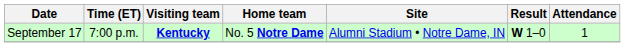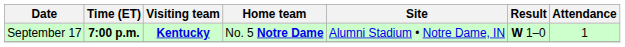 <table class="wikitable" style="font-size:95%; text-align: center;">
 <tr>
 <th>Date</th>
 <th>Time (ET)</th>
 <th>Visiting team</th>
 <th>Home team</th>
 <th>Site</th>
 <th>Result</th>
 <th>Attendance</th>
 </tr>
 <tr style="background:#cfc;">
 <td>September 17</td>
-<td>7:00 p.m.</td>
+<td><strong>7:00 p.m.</strong></td>
 <td><strong><a href='#'>Kentucky</a></strong></td>
 <td>No. 5 <strong><a href='#'>Notre Dame</a></strong></td>
 <td><a href='#'>Alumni Stadium</a> • <a href='#'>Notre Dame, IN</a></td>
 <td><strong>W</strong> 1–0</td>
 <td>1</td>
 </tr>
 <tr>
 </tr>
 </table>
